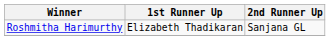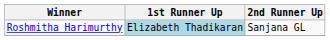 <table class="wikitable">
 <tr>
 <th>Winner</th>
 <th>1st Runner Up</th>
 <th>2nd Runner Up</th>
 </tr>
 <tr roshni>
 <td><a href='#'>Roshmitha Harimurthy</a></td>
-<td>Elizabeth Thadikaran</td>
+<td style="background: lightblue;">Elizabeth Thadikaran</td>
 <td>Sanjana GL</td>
 </tr>
 <tr>
 </tr>
 </table>
